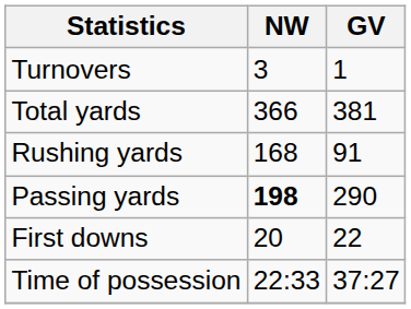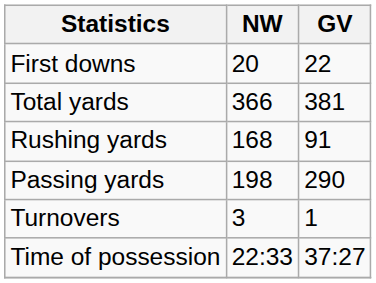 <table class="wikitable" style="float: left;">
 <tr>
 <th>Statistics</th>
 <th>NW</th>
 <th>GV</th>
 </tr>
 <tr>
-<td>Turnovers</td>
-<td>3</td>
-<td>1</td>
+<td>First downs</td>
+<td>20</td>
+<td>22</td>
 </tr>
 <tr>
 <td>Total yards</td>
 <td>366</td>
 <td>381</td>
 </tr>
 <tr>
 <td>Rushing yards</td>
 <td>168</td>
 <td>91</td>
 </tr>
 <tr>
 <td>Passing yards</td>
-<td><strong>198</strong></td>
+<td>198</td>
 <td>290</td>
 </tr>
 <tr>
-<td>First downs</td>
-<td>20</td>
-<td>22</td>
+<td>Turnovers</td>
+<td>3</td>
+<td>1</td>
 </tr>
 <tr>
 <td>Time of possession</td>
 <td>22:33</td>
 <td>37:27</td>
 </tr>
 <tr>
 </tr>
 </table>
